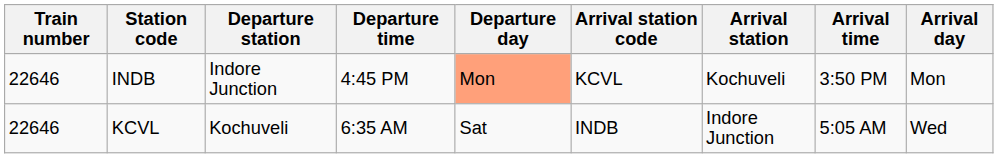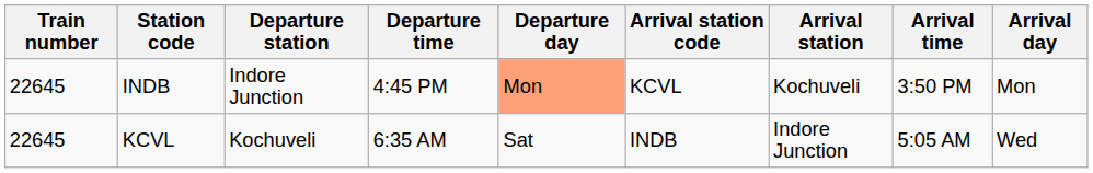 <table class="wikitable">
 <tr>
 <th>Train number</th>
 <th>Station code</th>
 <th>Departure station</th>
 <th>Departure time</th>
 <th>Departure day</th>
 <th>Arrival station code</th>
 <th>Arrival station</th>
 <th>Arrival time</th>
 <th>Arrival day</th>
 </tr>
 <tr>
-<td>22646</td>
+<td>22645</td>
 <td>INDB</td>
 <td>Indore Junction</td>
 <td>4:45 PM</td>
 <td style="background: lightsalmon;">Mon</td>
 <td>KCVL</td>
 <td>Kochuveli</td>
 <td>3:50 PM</td>
 <td>Mon</td>
 </tr>
 <tr>
-<td>22646</td>
+<td>22645</td>
 <td>KCVL</td>
 <td>Kochuveli</td>
 <td>6:35 AM</td>
 <td>Sat</td>
 <td>INDB</td>
 <td>Indore Junction</td>
 <td>5:05 AM</td>
 <td>Wed</td>
 </tr>
 </table>
